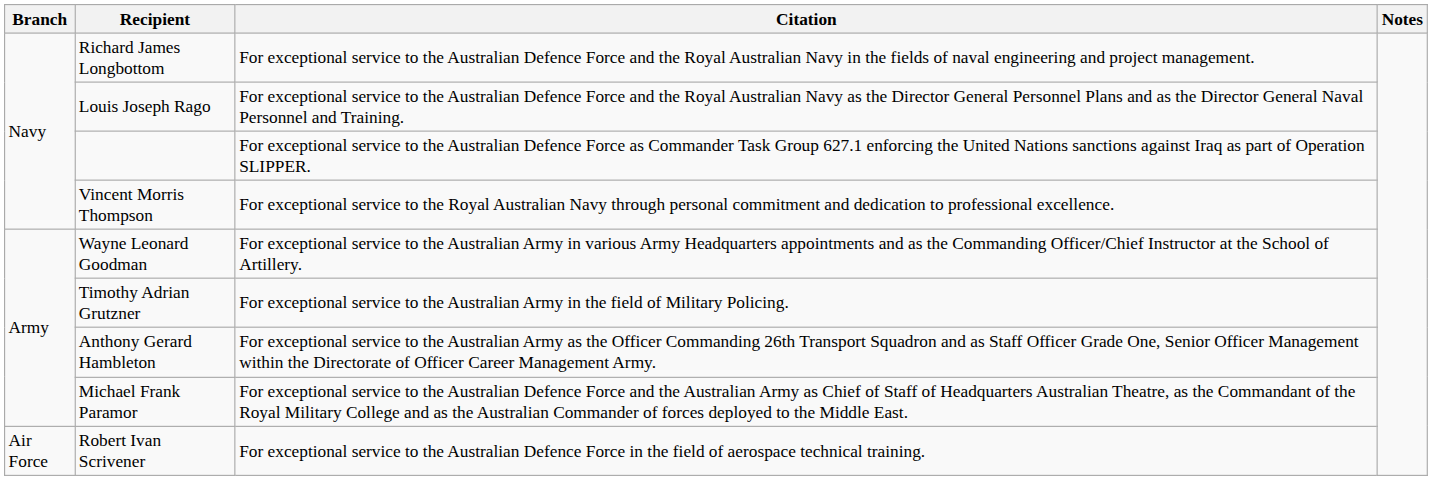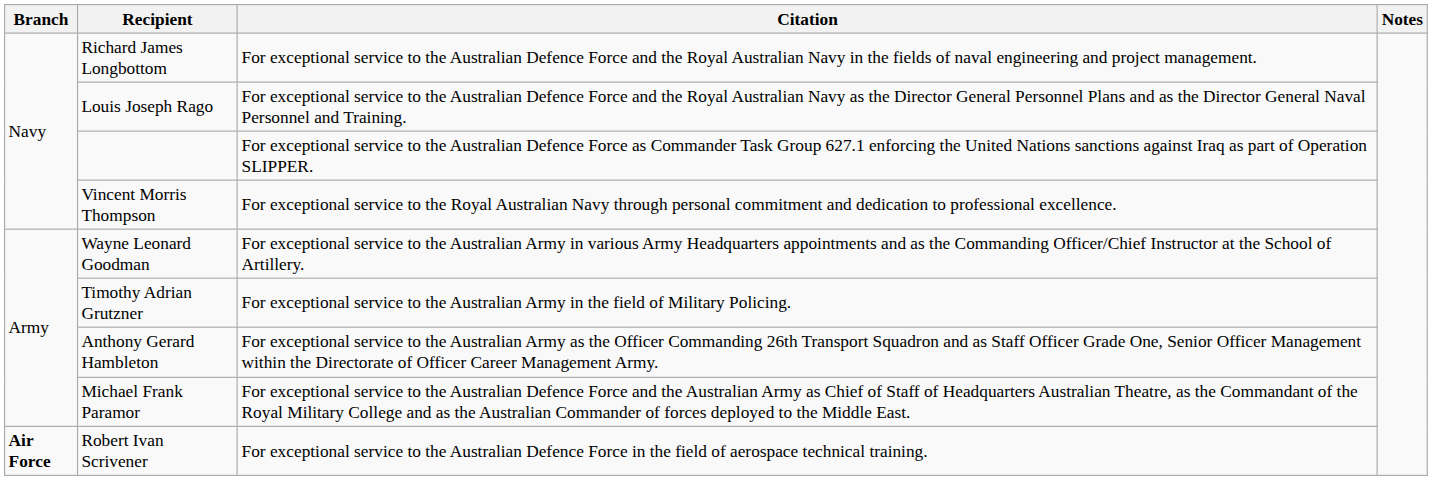 <table class="wikitable" style="font-size:95%;">
 <tr>
 <th>Branch</th>
 <th>Recipient</th>
 <th>Citation</th>
 <th>Notes</th>
 </tr>
 <tr>
 <td rowspan=4>Navy</td>
 <td> Richard James Longbottom</td>
 <td>For exceptional service to the Australian Defence Force and the Royal Australian Navy in the fields of naval engineering and project management.</td>
 <td rowspan=9></td>
 </tr>
 <tr>
 <td> Louis Joseph Rago</td>
 <td>For exceptional service to the Australian Defence Force and the Royal Australian Navy as the Director General Personnel Plans and as the Director General Naval Personnel and Training.</td>
 </tr>
 <tr>
 <td></td>
 <td>For exceptional service to the Australian Defence Force as Commander Task Group 627.1 enforcing the United Nations sanctions against Iraq as part of Operation SLIPPER.</td>
 </tr>
 <tr>
 <td> Vincent Morris Thompson</td>
 <td>For exceptional service to the Royal Australian Navy through personal commitment and dedication to professional excellence.</td>
 </tr>
 <tr>
 <td rowspan=4>Army</td>
 <td> Wayne Leonard Goodman</td>
 <td>For exceptional service to the Australian Army in various Army Headquarters appointments and as the Commanding Officer/Chief Instructor at the School of Artillery.</td>
 </tr>
 <tr>
 <td> Timothy Adrian Grutzner</td>
 <td>For exceptional service to the Australian Army in the field of Military Policing.</td>
 </tr>
 <tr>
 <td> Anthony Gerard Hambleton</td>
 <td>For exceptional service to the Australian Army as the Officer Commanding 26th Transport Squadron and as Staff Officer Grade One, Senior Officer Management within the Directorate of Officer Career Management Army.</td>
 </tr>
 <tr>
 <td> Michael Frank Paramor</td>
 <td>For exceptional service to the Australian Defence Force and the Australian Army as Chief of Staff of Headquarters Australian Theatre, as the Commandant of the Royal Military College and as the Australian Commander of forces deployed to the Middle East.</td>
 </tr>
 <tr>
-<td rowspan=1>Air Force</td>
+<td rowspan=1><strong>Air Force</strong></td>
 <td> Robert Ivan Scrivener </td>
 <td>For exceptional service to the Australian Defence Force in the field of aerospace technical training.</td>
 </tr>
 </table>
